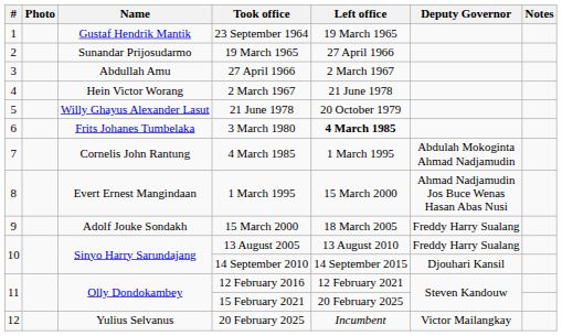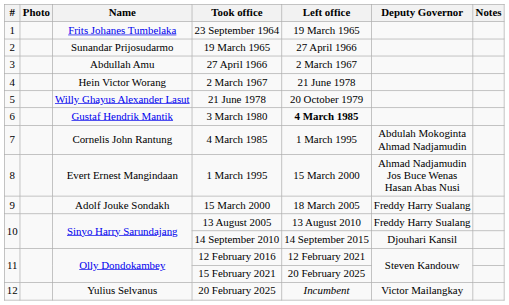 <table class="wikitable" style="text-align: center;">
 <tr>
 <th>#</th>
 <th>Photo</th>
 <th>Name</th>
 <th>Took office</th>
 <th>Left office</th>
 <th>Deputy Governor</th>
 <th>Notes</th>
 </tr>
 <tr>
 <td>1</td>
 <td></td>
-<td><a href='#'>Gustaf Hendrik Mantik</a></td>
+<td><a href='#'>Frits Johanes Tumbelaka</a></td>
 <td>23 September 1964</td>
 <td>19 March 1965</td>
 <td></td>
 <td></td>
 </tr>
 <tr>
 <td>2</td>
 <td></td>
 <td>Sunandar Prijosudarmo</td>
 <td>19 March 1965</td>
 <td>27 April 1966</td>
 <td></td>
 <td></td>
 </tr>
 <tr>
 <td>3</td>
 <td></td>
 <td>Abdullah Amu</td>
 <td>27 April 1966</td>
 <td>2 March 1967</td>
 <td></td>
 <td></td>
 </tr>
 <tr>
 <td>4</td>
 <td></td>
 <td>Hein Victor Worang</td>
 <td>2 March 1967</td>
 <td>21 June 1978</td>
 <td></td>
 <td></td>
 </tr>
 <tr>
 <td>5</td>
 <td></td>
 <td><a href='#'>Willy Ghayus Alexander Lasut</a></td>
 <td>21 June 1978</td>
 <td>20 October 1979</td>
 <td></td>
 <td></td>
 </tr>
 <tr>
 <td>6</td>
 <td></td>
-<td><a href='#'>Frits Johanes Tumbelaka</a></td>
+<td><a href='#'>Gustaf Hendrik Mantik</a></td>
 <td>3 March 1980</td>
 <td><strong>4 March 1985</strong></td>
 <td></td>
 <td></td>
 </tr>
 <tr>
 <td>7</td>
 <td></td>
 <td>Cornelis John Rantung</td>
 <td>4 March 1985</td>
 <td>1 March 1995</td>
 <td>Abdulah Mokoginta<br>Ahmad Nadjamudin</td>
 <td></td>
 </tr>
 <tr>
 <td>8</td>
 <td></td>
 <td>Evert Ernest Mangindaan</td>
 <td>1 March 1995</td>
 <td>15 March 2000</td>
 <td>Ahmad Nadjamudin<br>Jos Buce Wenas<br>Hasan Abas Nusi</td>
 <td></td>
 </tr>
 <tr>
 <td>9</td>
 <td></td>
 <td>Adolf Jouke Sondakh</td>
 <td>15 March 2000</td>
 <td>18 March 2005</td>
 <td>Freddy Harry Sualang</td>
 <td></td>
 </tr>
 <tr>
 <td rowspan = "2">10</td>
 <td rowspan = "2"></td>
 <td rowspan = "2"><a href='#'>Sinyo Harry Sarundajang</a></td>
 <td>13 August 2005</td>
 <td>13 August 2010</td>
 <td>Freddy Harry Sualang</td>
 <td></td>
 </tr>
 <tr>
 <td>14 September 2010</td>
 <td>14 September 2015</td>
 <td>Djouhari Kansil</td>
 <td></td>
 </tr>
 <tr>
 <td rowspan = "2">11</td>
 <td rowspan = "2"></td>
 <td rowspan = "2"><a href='#'>Olly Dondokambey</a></td>
 <td>12 February 2016</td>
 <td>12 February 2021</td>
 <td rowspan = "2">Steven Kandouw</td>
 <td></td>
 </tr>
 <tr>
 <td>15 February 2021</td>
 <td>20 February 2025</td>
 </tr>
 <tr>
 <td>12</td>
 <td></td>
 <td>Yulius Selvanus</td>
 <td>20 February 2025</td>
 <td><em>Incumbent</em></td>
 <td>Victor Mailangkay</td>
 <td></td>
 </tr>
 </table>
